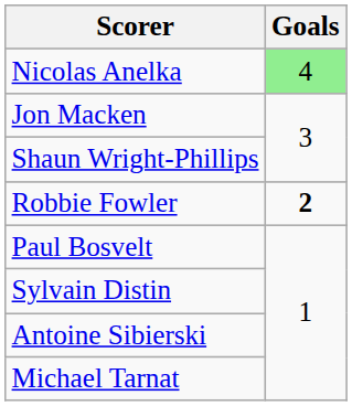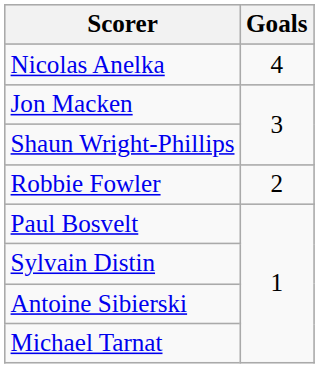 <table class="wikitable">
 <tr>
 <th>Scorer</th>
 <th>Goals</th>
 </tr>
 <tr>
 <td> <a href='#'>Nicolas Anelka</a></td>
-<td align=center style="background: lightgreen;">4</td>
+<td align=center>4</td>
 </tr>
 <tr>
 <td> <a href='#'>Jon Macken</a></td>
 <td rowspan="2" align=center>3</td>
 </tr>
 <tr>
 <td> <a href='#'>Shaun Wright-Phillips</a></td>
 </tr>
 <tr>
 <td> <a href='#'>Robbie Fowler</a></td>
-<td align=center><strong>2</strong></td>
+<td align=center>2</td>
 </tr>
 <tr>
 <td> <a href='#'>Paul Bosvelt</a></td>
 <td rowspan="4" align=center>1</td>
 </tr>
 <tr>
 <td> <a href='#'>Sylvain Distin</a></td>
 </tr>
 <tr>
 <td> <a href='#'>Antoine Sibierski</a></td>
 </tr>
 <tr>
 <td> <a href='#'>Michael Tarnat</a></td>
 </tr>
 </table>
